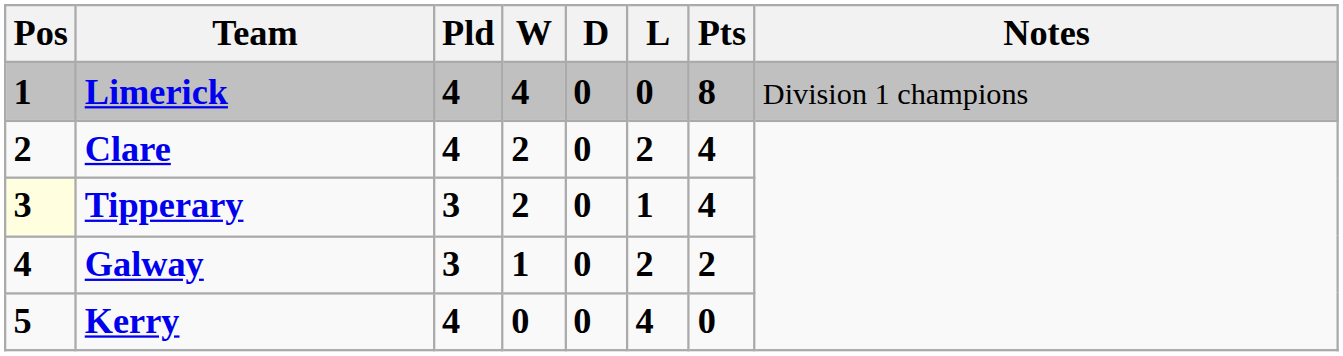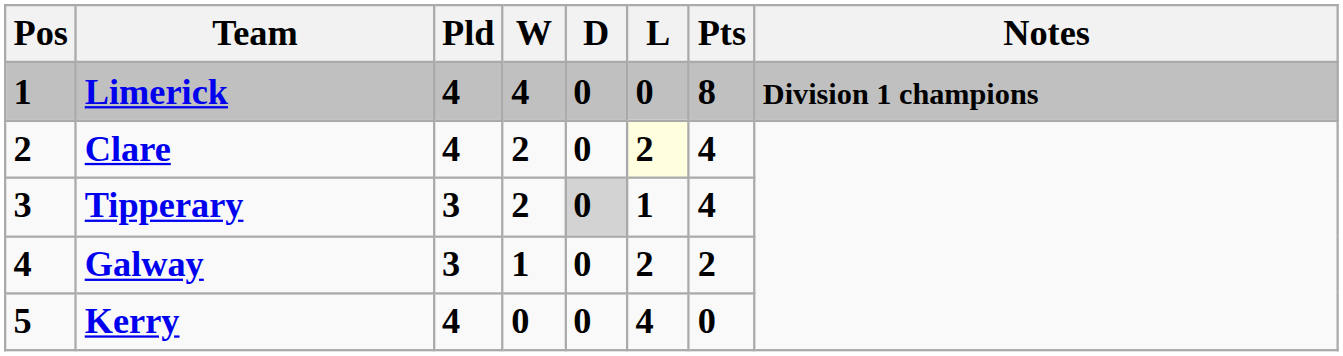 <table class="wikitable" style="text-align: centre;">
 <tr>
 <th width=20>Pos</th>
 <th width=150>Team</th>
 <th width=20>Pld</th>
 <th width=20>W</th>
 <th width=20>D</th>
 <th width=20>L</th>
 <th width=20>Pts</th>
 <th width=250>Notes</th>
 </tr>
 <tr style="background:silver;">
 <td><strong>1</strong></td>
 <td align=left><strong> <a href='#'>Limerick</a> </strong></td>
 <td><strong>4</strong></td>
 <td><strong>4</strong></td>
 <td><strong>0</strong></td>
 <td><strong>0</strong></td>
 <td><strong>8</strong></td>
-<td><small> Division 1 champions</small></td>
+<td><strong><small> Division 1 champions</small></strong></td>
 </tr>
 <tr style>
 <td><strong>2</strong></td>
 <td align=left><strong> <a href='#'>Clare</a> </strong></td>
 <td><strong>4</strong></td>
 <td><strong>2</strong></td>
 <td><strong>0</strong></td>
-<td><strong>2</strong></td>
+<td style="background: lightyellow;"><strong>2</strong></td>
 <td><strong>4</strong></td>
 </tr>
 <tr>
-<td style="background: lightyellow;"><strong>3</strong></td>
+<td><strong>3</strong></td>
 <td align=left><strong> <a href='#'>Tipperary</a> </strong></td>
 <td><strong>3</strong></td>
 <td><strong>2</strong></td>
-<td><strong>0</strong></td>
+<td style="background: lightgrey;"><strong>0</strong></td>
 <td><strong>1</strong></td>
 <td><strong>4</strong></td>
 </tr>
 <tr style>
 <td><strong>4</strong></td>
 <td align=left><strong> <a href='#'>Galway</a> </strong></td>
 <td><strong>3</strong></td>
 <td><strong>1</strong></td>
 <td><strong>0</strong></td>
 <td><strong>2</strong></td>
 <td><strong>2</strong></td>
 </tr>
 <tr>
 <td><strong>5</strong></td>
 <td align=left><strong> <a href='#'>Kerry</a> </strong></td>
 <td><strong>4</strong></td>
 <td><strong>0</strong></td>
 <td><strong>0</strong></td>
 <td><strong>4</strong></td>
 <td><strong>0</strong></td>
 </tr>
 </table>
